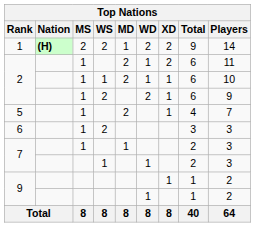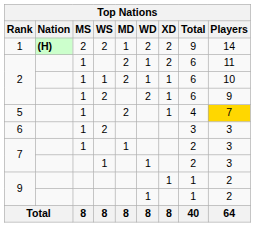 <table class="wikitable" style="text-align:center">
 <tr>
 <th colspan="10">Top Nations</th>
 </tr>
 <tr>
 <th>Rank</th>
 <th>Nation</th>
 <th>MS</th>
 <th>WS</th>
 <th>MD</th>
 <th>WD</th>
 <th>XD</th>
 <th>Total</th>
 <th>Players</th>
 </tr>
 <tr>
 <td>1</td>
 <td style="text-align:left; background:#ccffcc"> <strong>(H)</strong></td>
 <td>2</td>
 <td>2</td>
 <td>1</td>
 <td>2</td>
 <td>2</td>
 <td>9</td>
 <td>14</td>
 </tr>
 <tr>
 <td rowspan="3">2</td>
 <td style="text-align:left"></td>
 <td>1</td>
 <td></td>
 <td>2</td>
 <td>1</td>
 <td>2</td>
 <td>6</td>
 <td>11</td>
 </tr>
 <tr>
 <td style="text-align:left"></td>
 <td>1</td>
 <td>1</td>
 <td>2</td>
 <td>1</td>
 <td>1</td>
 <td>6</td>
 <td>10</td>
 </tr>
 <tr>
 <td style="text-align:left"></td>
 <td>1</td>
 <td>2</td>
 <td></td>
 <td>2</td>
 <td>1</td>
 <td>6</td>
 <td>9</td>
 </tr>
 <tr>
 <td>5</td>
 <td style="text-align:left"></td>
 <td>1</td>
 <td></td>
 <td>2</td>
 <td></td>
 <td>1</td>
 <td>4</td>
-<td>7</td>
+<td style="background: gold;">7</td>
 </tr>
 <tr>
 <td>6</td>
 <td style="text-align:left"></td>
 <td>1</td>
 <td>2</td>
 <td></td>
 <td></td>
 <td></td>
 <td>3</td>
 <td>3</td>
 </tr>
 <tr>
 <td rowspan="2">7</td>
 <td style="text-align:left"></td>
 <td>1</td>
 <td></td>
 <td>1</td>
 <td></td>
 <td></td>
 <td>2</td>
 <td>3</td>
 </tr>
 <tr>
 <td style="text-align:left"></td>
 <td></td>
 <td>1</td>
 <td></td>
 <td>1</td>
 <td></td>
 <td>2</td>
 <td>3</td>
 </tr>
 <tr>
 <td rowspan="2">9</td>
 <td style="text-align:left"></td>
 <td></td>
 <td></td>
 <td></td>
 <td></td>
 <td>1</td>
 <td>1</td>
 <td>2</td>
 </tr>
 <tr>
 <td style="text-align:left"></td>
 <td></td>
 <td></td>
 <td></td>
 <td>1</td>
 <td></td>
 <td>1</td>
 <td>2</td>
 </tr>
 <tr>
 <th colspan="2">Total</th>
 <th>8</th>
 <th>8</th>
 <th>8</th>
 <th>8</th>
 <th>8</th>
 <th>40</th>
 <th>64</th>
 </tr>
 </table>
